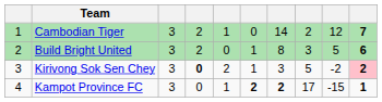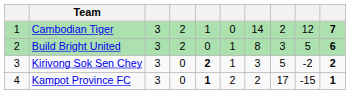 <table class="wikitable" style="text-align: center;">
 <tr>
 <th width=30></th>
 <th width=165>Team</th>
 <th width=30></th>
 <th width=30></th>
 <th width=30></th>
 <th width=30></th>
 <th width=30></th>
 <th width=30></th>
 <th width=30></th>
 <th width=30></th>
 </tr>
 <tr style="background:#ace1af;">
 <td>1</td>
 <td align=left><a href='#'>Cambodian Tiger</a></td>
 <td>3</td>
 <td>2</td>
 <td>1</td>
 <td>0</td>
 <td>14</td>
 <td>2</td>
 <td>12</td>
 <td><strong>7</strong></td>
 </tr>
 <tr style="background:#ace1af;">
 <td>2</td>
 <td align=left><a href='#'>Build Bright United</a></td>
 <td>3</td>
 <td>2</td>
 <td>0</td>
 <td>1</td>
 <td>8</td>
 <td>3</td>
 <td>5</td>
 <td><strong>6</strong></td>
 </tr>
 <tr>
 <td>3</td>
 <td align=left><a href='#'>Kirivong Sok Sen Chey</a></td>
 <td>3</td>
-<td><strong>0</strong></td>
-<td>2</td>
+<td>0</td>
+<td><strong>2</strong></td>
 <td>1</td>
 <td>3</td>
 <td>5</td>
 <td>-2</td>
-<td style="background: pink;"><strong>2</strong></td>
+<td><strong>2</strong></td>
 </tr>
 <tr>
 <td>4</td>
 <td align=left><a href='#'>Kampot Province FC</a></td>
 <td>3</td>
 <td>0</td>
-<td>1</td>
-<td><strong>2</strong></td>
-<td><strong>2</strong></td>
+<td><strong>1</strong></td>
+<td>2</td>
+<td>2</td>
 <td>17</td>
 <td>-15</td>
 <td><strong>1</strong></td>
 </tr>
 </table>
